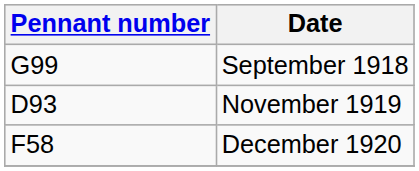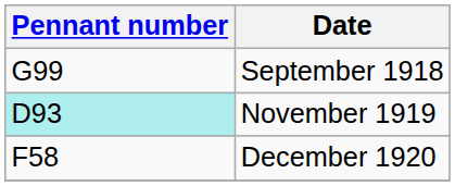 <table class="wikitable" style="text-align:left">
 <tr>
 <th scope="col"><a href='#'>Pennant number</a></th>
 <th>Date</th>
 </tr>
 <tr>
 <td scope="row">G99</td>
 <td>September 1918</td>
 </tr>
 <tr>
-<td scope="row">D93</td>
+<td scope="row" style="background: paleturquoise;">D93</td>
 <td>November 1919</td>
 </tr>
 <tr>
 <td scope="row">F58</td>
 <td>December 1920</td>
 </tr>
 <tr>
 </tr>
 </table>
